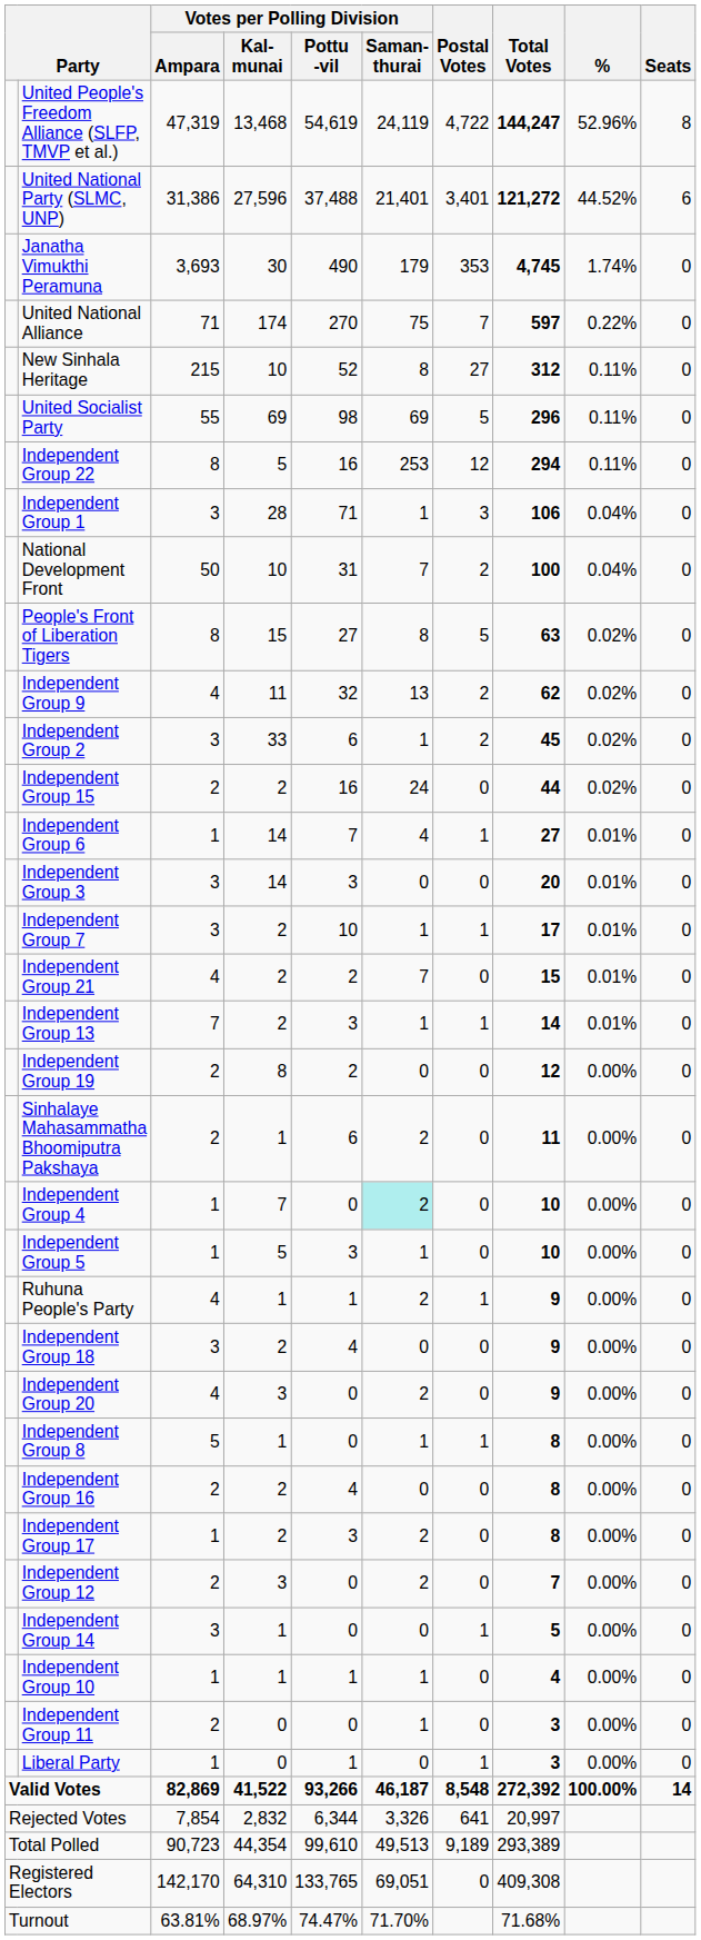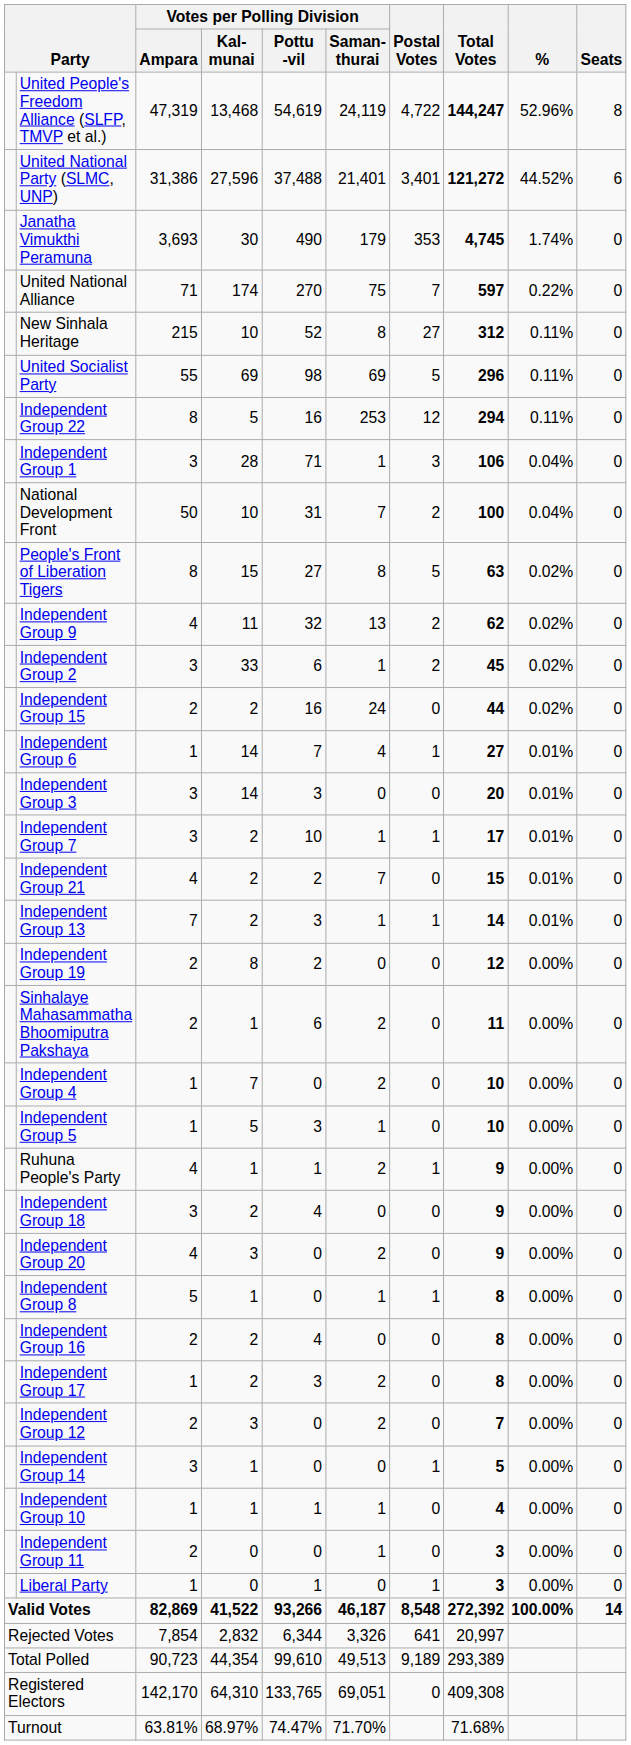 <table class="wikitable" border="1" style="text-align:right;">
 <tr>
 <th align=left valign=bottom rowspan=2 colspan=2>Party</th>
 <th colspan=4>Votes per Polling Division</th>
 <th align=center valign=bottom rowspan=2 width="50">Postal<br>Votes</th>
 <th align=center valign=bottom rowspan=2 width="50">Total Votes</th>
 <th align=center valign=bottom rowspan=2 width="50">%</th>
 <th align=center valign=bottom rowspan=2 width="40">Seats</th>
 </tr>
 <tr>
 <th align=center valign=bottom width="50">Ampara</th>
 <th align=center valign=bottom width="50">Kal-<br>munai</th>
 <th align=center valign=bottom width="50">Pottu<br>-vil</th>
 <th align=center valign=bottom width="50">Saman-<br>thurai</th>
 </tr>
 <tr>
 <td bgcolor=> </td>
 <td align=left><a href='#'>United People's Freedom Alliance</a> (<a href='#'>SLFP</a>, <a href='#'>TMVP</a> et al.)</td>
 <td>47,319</td>
 <td>13,468</td>
 <td>54,619</td>
 <td>24,119</td>
 <td>4,722</td>
 <td><strong>144,247</strong></td>
 <td>52.96%</td>
 <td>8</td>
 </tr>
 <tr>
 <td bgcolor=> </td>
 <td align=left><a href='#'>United National Party</a> (<a href='#'>SLMC</a>, <a href='#'>UNP</a>)</td>
 <td>31,386</td>
 <td>27,596</td>
 <td>37,488</td>
 <td>21,401</td>
 <td>3,401</td>
 <td><strong>121,272</strong></td>
 <td>44.52%</td>
 <td>6</td>
 </tr>
 <tr>
 <td bgcolor=> </td>
 <td align=left><a href='#'>Janatha Vimukthi Peramuna</a></td>
 <td>3,693</td>
 <td>30</td>
 <td>490</td>
 <td>179</td>
 <td>353</td>
 <td><strong>4,745</strong></td>
 <td>1.74%</td>
 <td>0</td>
 </tr>
 <tr>
 <td></td>
 <td align=left>United National Alliance</td>
 <td>71</td>
 <td>174</td>
 <td>270</td>
 <td>75</td>
 <td>7</td>
 <td><strong>597</strong></td>
 <td>0.22%</td>
 <td>0</td>
 </tr>
 <tr>
 <td></td>
 <td align=left>New Sinhala Heritage</td>
 <td>215</td>
 <td>10</td>
 <td>52</td>
 <td>8</td>
 <td>27</td>
 <td><strong>312</strong></td>
 <td>0.11%</td>
 <td>0</td>
 </tr>
 <tr>
 <td></td>
 <td align=left><a href='#'>United Socialist Party</a></td>
 <td>55</td>
 <td>69</td>
 <td>98</td>
 <td>69</td>
 <td>5</td>
 <td><strong>296</strong></td>
 <td>0.11%</td>
 <td>0</td>
 </tr>
 <tr>
 <td bgcolor=> </td>
 <td align=left><a href='#'>Independent Group 22</a></td>
 <td>8</td>
 <td>5</td>
 <td>16</td>
 <td>253</td>
 <td>12</td>
 <td><strong>294</strong></td>
 <td>0.11%</td>
 <td>0</td>
 </tr>
 <tr>
 <td bgcolor=> </td>
 <td align=left><a href='#'>Independent Group 1</a></td>
 <td>3</td>
 <td>28</td>
 <td>71</td>
 <td>1</td>
 <td>3</td>
 <td><strong>106</strong></td>
 <td>0.04%</td>
 <td>0</td>
 </tr>
 <tr>
 <td></td>
 <td align=left>National Development Front</td>
 <td>50</td>
 <td>10</td>
 <td>31</td>
 <td>7</td>
 <td>2</td>
 <td><strong>100</strong></td>
 <td>0.04%</td>
 <td>0</td>
 </tr>
 <tr>
 <td></td>
 <td align=left><a href='#'>People's Front of Liberation Tigers</a></td>
 <td>8</td>
 <td>15</td>
 <td>27</td>
 <td>8</td>
 <td>5</td>
 <td><strong>63</strong></td>
 <td>0.02%</td>
 <td>0</td>
 </tr>
 <tr>
 <td bgcolor=> </td>
 <td align=left><a href='#'>Independent Group 9</a></td>
 <td>4</td>
 <td>11</td>
 <td>32</td>
 <td>13</td>
 <td>2</td>
 <td><strong>62</strong></td>
 <td>0.02%</td>
 <td>0</td>
 </tr>
 <tr>
 <td bgcolor=> </td>
 <td align=left><a href='#'>Independent Group 2</a></td>
 <td>3</td>
 <td>33</td>
 <td>6</td>
 <td>1</td>
 <td>2</td>
 <td><strong>45</strong></td>
 <td>0.02%</td>
 <td>0</td>
 </tr>
 <tr>
 <td bgcolor=> </td>
 <td align=left><a href='#'>Independent Group 15</a></td>
 <td>2</td>
 <td>2</td>
 <td>16</td>
 <td>24</td>
 <td>0</td>
 <td><strong>44</strong></td>
 <td>0.02%</td>
 <td>0</td>
 </tr>
 <tr>
 <td bgcolor=> </td>
 <td align=left><a href='#'>Independent Group 6</a></td>
 <td>1</td>
 <td>14</td>
 <td>7</td>
 <td>4</td>
 <td>1</td>
 <td><strong>27</strong></td>
 <td>0.01%</td>
 <td>0</td>
 </tr>
 <tr>
 <td bgcolor=> </td>
 <td align=left><a href='#'>Independent Group 3</a></td>
 <td>3</td>
 <td>14</td>
 <td>3</td>
 <td>0</td>
 <td>0</td>
 <td><strong>20</strong></td>
 <td>0.01%</td>
 <td>0</td>
 </tr>
 <tr>
 <td bgcolor=> </td>
 <td align=left><a href='#'>Independent Group 7</a></td>
 <td>3</td>
 <td>2</td>
 <td>10</td>
 <td>1</td>
 <td>1</td>
 <td><strong>17</strong></td>
 <td>0.01%</td>
 <td>0</td>
 </tr>
 <tr>
 <td bgcolor=> </td>
 <td align=left><a href='#'>Independent Group 21</a></td>
 <td>4</td>
 <td>2</td>
 <td>2</td>
 <td>7</td>
 <td>0</td>
 <td><strong>15</strong></td>
 <td>0.01%</td>
 <td>0</td>
 </tr>
 <tr>
 <td bgcolor=> </td>
 <td align=left><a href='#'>Independent Group 13</a></td>
 <td>7</td>
 <td>2</td>
 <td>3</td>
 <td>1</td>
 <td>1</td>
 <td><strong>14</strong></td>
 <td>0.01%</td>
 <td>0</td>
 </tr>
 <tr>
 <td bgcolor=> </td>
 <td align=left><a href='#'>Independent Group 19</a></td>
 <td>2</td>
 <td>8</td>
 <td>2</td>
 <td>0</td>
 <td>0</td>
 <td><strong>12</strong></td>
 <td>0.00%</td>
 <td>0</td>
 </tr>
 <tr>
 <td bgcolor=> </td>
 <td align=left><a href='#'>Sinhalaye Mahasammatha Bhoomiputra Pakshaya</a></td>
 <td>2</td>
 <td>1</td>
 <td>6</td>
 <td>2</td>
 <td>0</td>
 <td><strong>11</strong></td>
 <td>0.00%</td>
 <td>0</td>
 </tr>
 <tr>
 <td bgcolor=> </td>
 <td align=left><a href='#'>Independent Group 4</a></td>
 <td>1</td>
 <td>7</td>
 <td>0</td>
-<td style="background: paleturquoise;">2</td>
+<td>2</td>
 <td>0</td>
 <td><strong>10</strong></td>
 <td>0.00%</td>
 <td>0</td>
 </tr>
 <tr>
 <td bgcolor=> </td>
 <td align=left><a href='#'>Independent Group 5</a></td>
 <td>1</td>
 <td>5</td>
 <td>3</td>
 <td>1</td>
 <td>0</td>
 <td><strong>10</strong></td>
 <td>0.00%</td>
 <td>0</td>
 </tr>
 <tr>
 <td></td>
 <td align=left>Ruhuna People's Party</td>
 <td>4</td>
 <td>1</td>
 <td>1</td>
 <td>2</td>
 <td>1</td>
 <td><strong>9</strong></td>
 <td>0.00%</td>
 <td>0</td>
 </tr>
 <tr>
 <td bgcolor=> </td>
 <td align=left><a href='#'>Independent Group 18</a></td>
 <td>3</td>
 <td>2</td>
 <td>4</td>
 <td>0</td>
 <td>0</td>
 <td><strong>9</strong></td>
 <td>0.00%</td>
 <td>0</td>
 </tr>
 <tr>
 <td bgcolor=> </td>
 <td align=left><a href='#'>Independent Group 20</a></td>
 <td>4</td>
 <td>3</td>
 <td>0</td>
 <td>2</td>
 <td>0</td>
 <td><strong>9</strong></td>
 <td>0.00%</td>
 <td>0</td>
 </tr>
 <tr>
 <td bgcolor=> </td>
 <td align=left><a href='#'>Independent Group 8</a></td>
 <td>5</td>
 <td>1</td>
 <td>0</td>
 <td>1</td>
 <td>1</td>
 <td><strong>8</strong></td>
 <td>0.00%</td>
 <td>0</td>
 </tr>
 <tr>
 <td bgcolor=> </td>
 <td align=left><a href='#'>Independent Group 16</a></td>
 <td>2</td>
 <td>2</td>
 <td>4</td>
 <td>0</td>
 <td>0</td>
 <td><strong>8</strong></td>
 <td>0.00%</td>
 <td>0</td>
 </tr>
 <tr>
 <td bgcolor=> </td>
 <td align=left><a href='#'>Independent Group 17</a></td>
 <td>1</td>
 <td>2</td>
 <td>3</td>
 <td>2</td>
 <td>0</td>
 <td><strong>8</strong></td>
 <td>0.00%</td>
 <td>0</td>
 </tr>
 <tr>
 <td bgcolor=> </td>
 <td align=left><a href='#'>Independent Group 12</a></td>
 <td>2</td>
 <td>3</td>
 <td>0</td>
 <td>2</td>
 <td>0</td>
 <td><strong>7</strong></td>
 <td>0.00%</td>
 <td>0</td>
 </tr>
 <tr>
 <td bgcolor=> </td>
 <td align=left><a href='#'>Independent Group 14</a></td>
 <td>3</td>
 <td>1</td>
 <td>0</td>
 <td>0</td>
 <td>1</td>
 <td><strong>5</strong></td>
 <td>0.00%</td>
 <td>0</td>
 </tr>
 <tr>
 <td bgcolor=> </td>
 <td align=left><a href='#'>Independent Group 10</a></td>
 <td>1</td>
 <td>1</td>
 <td>1</td>
 <td>1</td>
 <td>0</td>
 <td><strong>4</strong></td>
 <td>0.00%</td>
 <td>0</td>
 </tr>
 <tr>
 <td bgcolor=> </td>
 <td align=left><a href='#'>Independent Group 11</a></td>
 <td>2</td>
 <td>0</td>
 <td>0</td>
 <td>1</td>
 <td>0</td>
 <td><strong>3</strong></td>
 <td>0.00%</td>
 <td>0</td>
 </tr>
 <tr>
 <td></td>
 <td align=left><a href='#'>Liberal Party</a></td>
 <td>1</td>
 <td>0</td>
 <td>1</td>
 <td>0</td>
 <td>1</td>
 <td><strong>3</strong></td>
 <td>0.00%</td>
 <td>0</td>
 </tr>
 <tr>
 <td align=left colspan=2><strong>Valid Votes</strong></td>
 <td><strong>82,869</strong></td>
 <td><strong>41,522</strong></td>
 <td><strong>93,266</strong></td>
 <td><strong>46,187</strong></td>
 <td><strong>8,548</strong></td>
 <td><strong>272,392</strong></td>
 <td><strong>100.00%</strong></td>
 <td><strong>14</strong></td>
 </tr>
 <tr>
 <td align=left colspan=2>Rejected Votes</td>
 <td>7,854</td>
 <td>2,832</td>
 <td>6,344</td>
 <td>3,326</td>
 <td>641</td>
 <td>20,997</td>
 <td></td>
 <td></td>
 </tr>
 <tr>
 <td align=left colspan=2>Total Polled</td>
 <td>90,723</td>
 <td>44,354</td>
 <td>99,610</td>
 <td>49,513</td>
 <td>9,189</td>
 <td>293,389</td>
 <td></td>
 <td></td>
 </tr>
 <tr>
 <td align=left colspan=2>Registered Electors</td>
 <td>142,170</td>
 <td>64,310</td>
 <td>133,765</td>
 <td>69,051</td>
 <td>0</td>
 <td>409,308</td>
 <td></td>
 <td></td>
 </tr>
 <tr>
 <td align=left colspan=2>Turnout</td>
 <td>63.81%</td>
 <td>68.97%</td>
 <td>74.47%</td>
 <td>71.70%</td>
 <td></td>
 <td>71.68%</td>
 <td></td>
 <td></td>
 </tr>
 </table>
